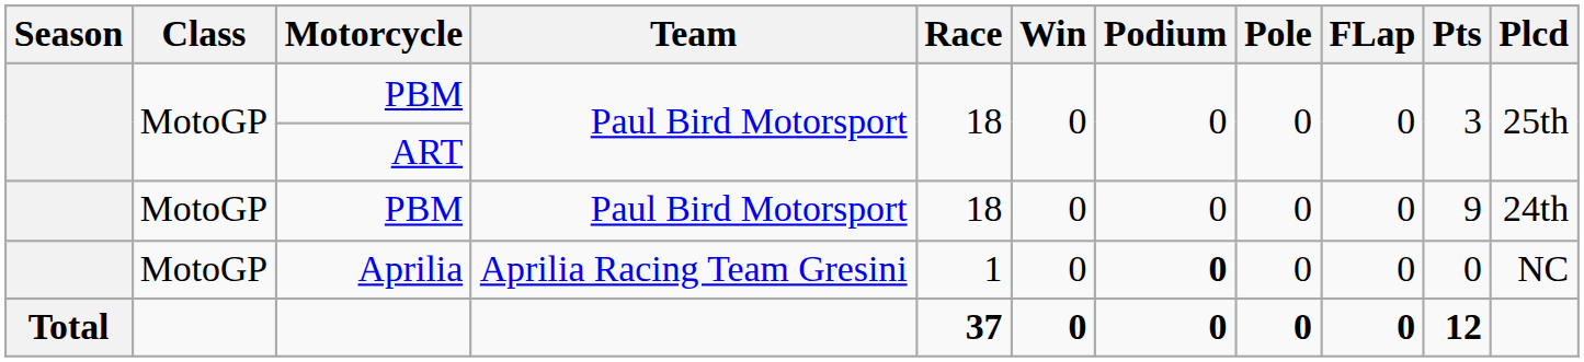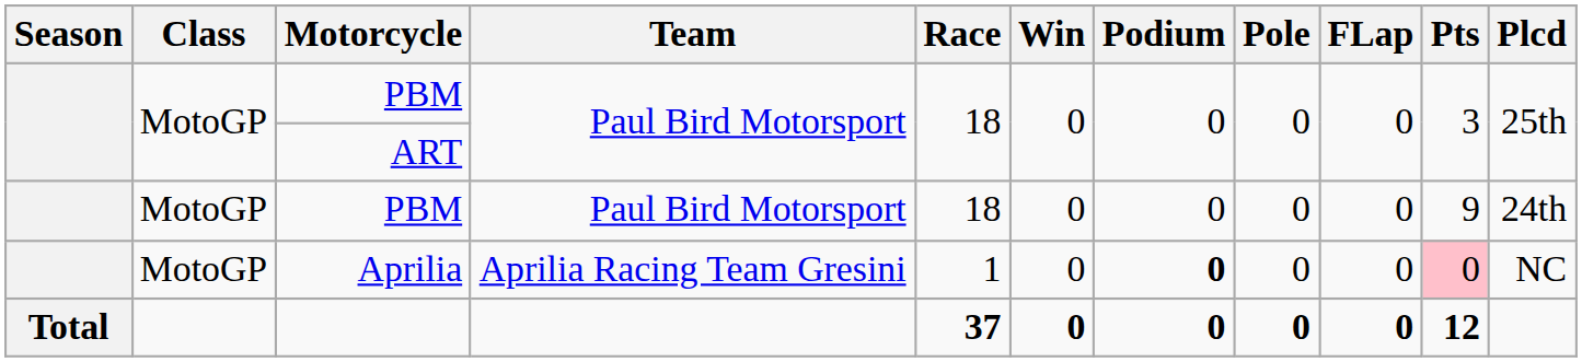 <table class="wikitable">
 <tr>
 <th>Season</th>
 <th>Class</th>
 <th>Motorcycle</th>
 <th>Team</th>
 <th>Race</th>
 <th>Win</th>
 <th>Podium</th>
 <th>Pole</th>
 <th>FLap</th>
 <th>Pts</th>
 <th>Plcd</th>
 </tr>
 <tr align="right">
 <th rowspan=2></th>
 <td rowspan=2>MotoGP</td>
 <td><a href='#'>PBM</a></td>
 <td rowspan=2><a href='#'>Paul Bird Motorsport</a></td>
 <td rowspan=2>18</td>
 <td rowspan=2>0</td>
 <td rowspan=2>0</td>
 <td rowspan=2>0</td>
 <td rowspan=2>0</td>
 <td rowspan=2>3</td>
 <td rowspan=2>25th</td>
 </tr>
 <tr align="right">
 <td><a href='#'>ART</a></td>
 </tr>
 <tr align="right">
 <th></th>
 <td>MotoGP</td>
 <td><a href='#'>PBM</a></td>
 <td><a href='#'>Paul Bird Motorsport</a></td>
 <td>18</td>
 <td>0</td>
 <td>0</td>
 <td>0</td>
 <td>0</td>
 <td>9</td>
 <td>24th</td>
 </tr>
 <tr align="right">
 <th></th>
 <td>MotoGP</td>
 <td><a href='#'>Aprilia</a></td>
 <td><a href='#'>Aprilia Racing Team Gresini</a></td>
 <td>1</td>
 <td>0</td>
 <td><strong>0</strong></td>
 <td>0</td>
 <td>0</td>
-<td>0</td>
+<td style="background: pink;">0</td>
 <td>NC</td>
 </tr>
 <tr align="right">
 <th>Total</th>
 <td></td>
 <td></td>
 <td></td>
 <td><strong>37</strong></td>
 <td><strong>0</strong></td>
 <td><strong>0</strong></td>
 <td><strong>0</strong></td>
 <td><strong>0</strong></td>
 <td><strong>12</strong></td>
 <td></td>
 </tr>
 </table>
